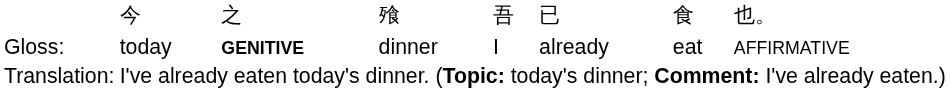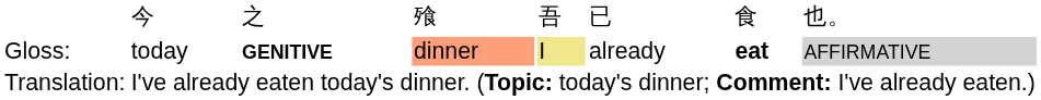 <table>
 <tr>
 <td></td>
 <td>今</td>
 <td>之</td>
 <td>飱</td>
 <td>吾</td>
 <td>已</td>
 <td>食</td>
 <td>也。</td>
 </tr>
 <tr>
 <td>Gloss:</td>
 <td>today</td>
 <td><strong><small>GENITIVE</small></strong></td>
-<td>dinner</td>
-<td>I</td>
+<td style="background: lightsalmon;">dinner</td>
+<td style="background: khaki;">I</td>
 <td>already</td>
-<td>eat</td>
-<td><small>AFFIRMATIVE</small></td>
+<td><strong>eat</strong></td>
+<td style="background: lightgrey;"><small>AFFIRMATIVE</small></td>
 </tr>
 <tr>
 <td>Translation:</td>
 <td colspan=7>I've already eaten today's dinner. (<strong>Topic:</strong> today's dinner; <strong>Comment:</strong> I've already eaten.)</td>
 </tr>
 </table>
